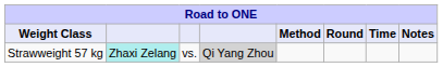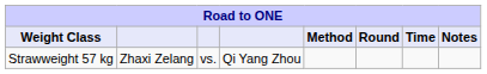 <table class="wikitable" style="font-size: 80%;">
 <tr>
 <th colspan="8" style="background-color: #ccf; color: #000080; text-align: center;"><strong>Road to ONE</strong></th>
 </tr>
 <tr>
 <th colspan="1" style="background-color: #E6E8FA; color: #000000; text-align: center;">Weight Class</th>
 <th colspan="1" style="background-color: #E6E8FA; color: #000000; text-align: center;"></th>
 <th colspan="1" style="background-color: #E6E8FA; color: #000000; text-align: center;"></th>
 <th colspan="1" style="background-color: #E6E8FA; color: #000000; text-align: center;"></th>
 <th colspan="1" style="background-color: #E6E8FA; color: #000000; text-align: center;">Method</th>
 <th colspan="1" style="background-color: #E6E8FA; color: #000000; text-align: center;">Round</th>
 <th colspan="1" style="background-color: #E6E8FA; color: #000000; text-align: center;">Time</th>
 <th colspan="1" style="background-color: #E6E8FA; color: #000000; text-align: center;">Notes</th>
 </tr>
 <tr>
 <td>Strawweight 57 kg</td>
-<td style="background: paleturquoise;"> Zhaxi Zelang</td>
+<td> Zhaxi Zelang</td>
 <td align=center>vs.</td>
-<td style="background: lightgrey;"> Qi Yang Zhou</td>
+<td> Qi Yang Zhou</td>
 <td></td>
 <td align=center></td>
 <td align=center></td>
 <td></td>
 </tr>
 </table>
